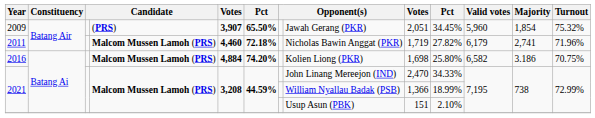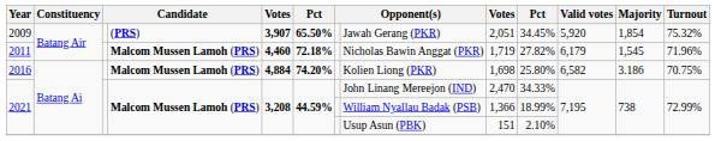 <table class="wikitable" style="margin:0.5em ; font-size:95%">
 <tr>
 <th>Year</th>
 <th>Constituency</th>
 <th colspan=2>Candidate</th>
 <th>Votes</th>
 <th>Pct</th>
 <th colspan=2>Opponent(s)</th>
 <th>Votes</th>
 <th>Pct</th>
 <th>Valid votes</th>
 <th>Majority</th>
 <th>Turnout</th>
 </tr>
 <tr>
 <td>2009</td>
 <td rowspan="2"><a href='#'>Batang Air</a></td>
 <td></td>
 <td> (<a href='#'><strong>PRS</strong></a>)</td>
 <td style="text-align:right;"><strong>3,907</strong></td>
 <td><strong>65.50%</strong></td>
 <td></td>
 <td>Jawah Gerang (<a href='#'>PKR</a>)</td>
 <td style="text-align:right;">2,051</td>
 <td>34.45%</td>
-<td>5,960</td>
+<td>5,920</td>
 <td>1,854</td>
 <td>75.32%</td>
 </tr>
 <tr>
 <td><a href='#'>2011</a></td>
 <td></td>
 <td><strong>Malcom Mussen Lamoh</strong> (<a href='#'><strong>PRS</strong></a>)</td>
 <td style="text-align:right;"><strong>4,460</strong></td>
 <td><strong>72.18%</strong></td>
 <td></td>
 <td>Nicholas Bawin Anggat (<a href='#'>PKR</a>)</td>
 <td style="text-align:right;">1,719</td>
 <td>27.82%</td>
 <td>6,179</td>
-<td>2,741</td>
+<td>1,545</td>
 <td>71.96%</td>
 </tr>
 <tr>
 <td><a href='#'>2016</a></td>
 <td rowspan="4"><a href='#'>Batang Ai</a></td>
 <td></td>
 <td><strong>Malcom Mussen Lamoh</strong> (<a href='#'><strong>PRS</strong></a>)</td>
 <td align=right><strong>4,884</strong></td>
 <td><strong>74.20%</strong></td>
 <td></td>
 <td>Kolien Liong (<a href='#'>PKR</a>)</td>
 <td align=right>1,698</td>
 <td>25.80%</td>
 <td>6,582</td>
 <td>3.186</td>
 <td>70.75%</td>
 </tr>
 <tr>
 <td rowspan="3"><a href='#'>2021</a></td>
 <td rowspan="3" style="background:"></td>
 <td rowspan="3"><strong>Malcom Mussen Lamoh</strong> (<a href='#'><strong>PRS</strong></a>)</td>
 <td rowspan="3" align=right><strong>3,208</strong></td>
 <td rowspan="3"><strong>44.59%</strong></td>
 <td></td>
 <td>John Linang Mereejon (<a href='#'>IND</a>)</td>
 <td align=right>2,470</td>
 <td>34.33%</td>
 <td rowspan="3">7,195</td>
 <td rowspan="3">738</td>
 <td rowspan="3">72.99%</td>
 </tr>
 <tr>
 <td></td>
 <td><a href='#'>William Nyallau Badak</a> (<a href='#'>PSB</a>)</td>
 <td align=right>1,366</td>
 <td>18.99%</td>
 </tr>
 <tr>
 <td></td>
 <td>Usup Asun (<a href='#'>PBK</a>)</td>
 <td align=right>151</td>
 <td align=right>2.10%</td>
 </tr>
 <tr>
 </tr>
 </table>
